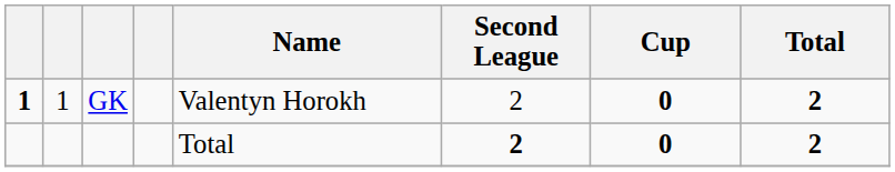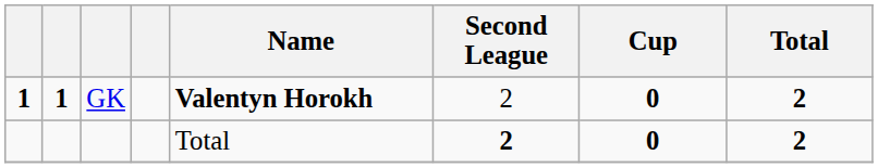 <table class="wikitable" style="text-align:center">
 <tr>
 <th width=15></th>
 <th width=15></th>
 <th width=15></th>
 <th width=15></th>
 <th width=150>Name</th>
 <th width=80><strong>Second League</strong></th>
 <th width=80><strong>Cup</strong></th>
 <th width=80>Total</th>
 </tr>
 <tr>
 <td><strong>1</strong></td>
-<td>1</td>
+<td><strong>1</strong></td>
 <td><a href='#'>GK</a></td>
 <td></td>
-<td align=left>Valentyn Horokh</td>
+<td align=left><strong>Valentyn Horokh</strong></td>
 <td>2</td>
 <td><strong>0</strong></td>
 <td><strong>2</strong></td>
 </tr>
 <tr>
 <td></td>
 <td></td>
 <td></td>
 <td></td>
 <td align=left>Total</td>
 <td><strong>2</strong></td>
 <td><strong>0</strong></td>
 <td><strong>2</strong></td>
 </tr>
 <tr>
 </tr>
 </table>
